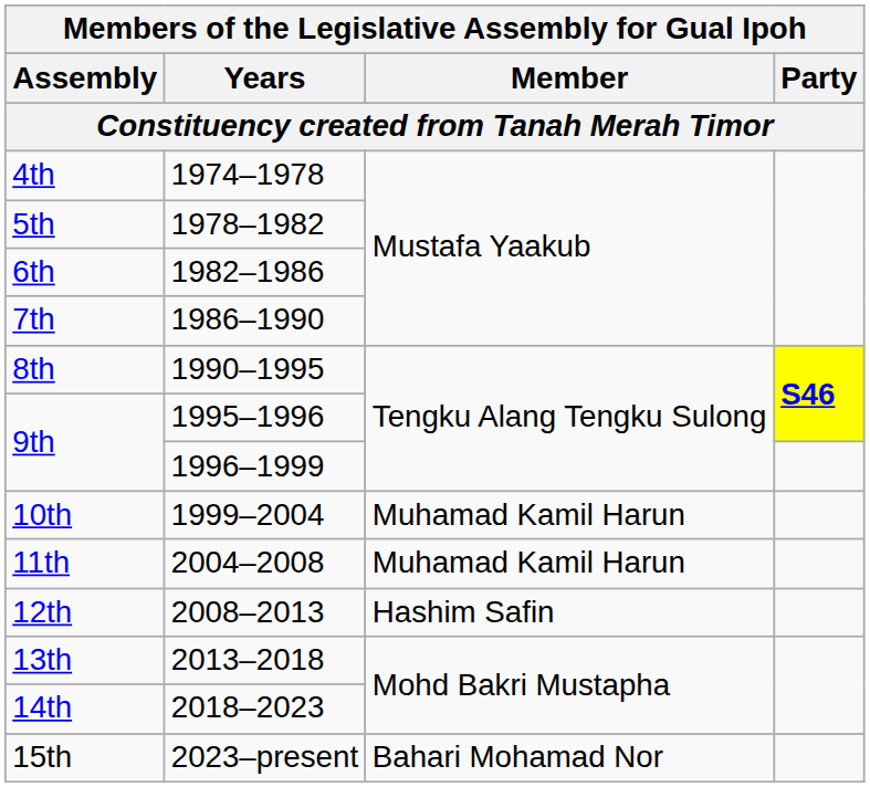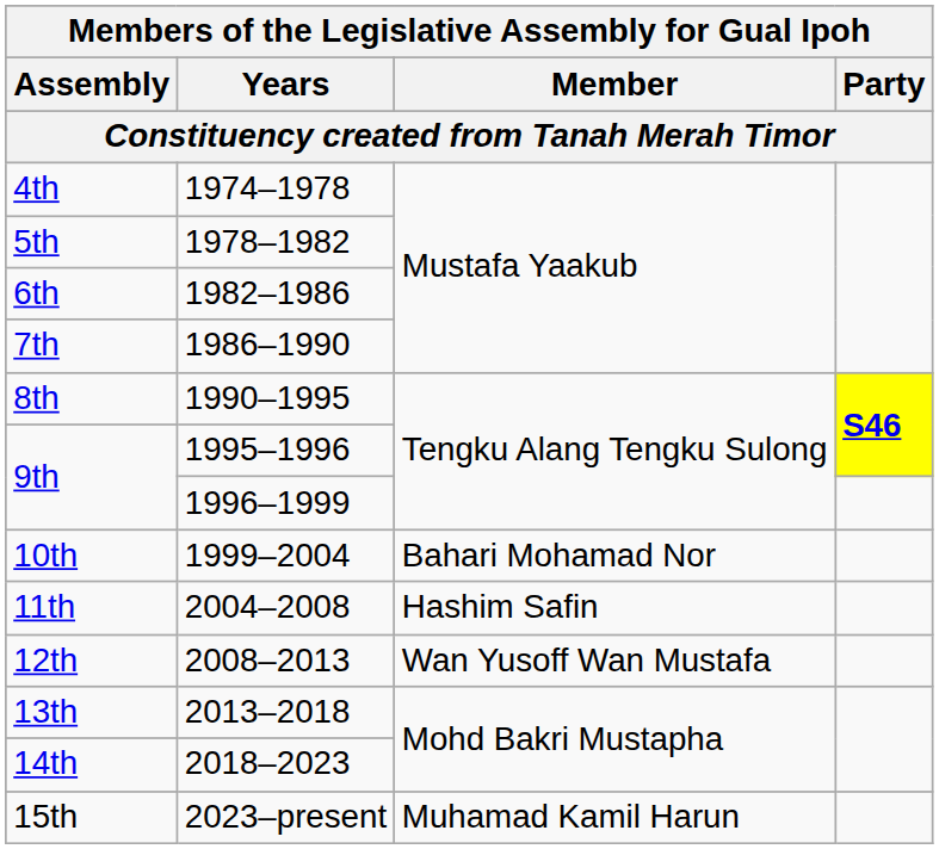 <table class=wikitable>
 <tr>
 <th colspan=4>Members of the Legislative Assembly for Gual Ipoh</th>
 </tr>
 <tr>
 <th>Assembly</th>
 <th>Years</th>
 <th>Member</th>
 <th>Party</th>
 </tr>
 <tr>
 <th colspan=4 align=center><em>Constituency created from Tanah Merah Timor</em></th>
 </tr>
 <tr>
 <td><a href='#'>4th</a></td>
 <td>1974–1978</td>
 <td rowspan=4>Mustafa Yaakub</td>
 <td rowspan=4></td>
 </tr>
 <tr>
 <td><a href='#'>5th</a></td>
 <td>1978–1982</td>
 </tr>
 <tr>
 <td><a href='#'>6th</a></td>
 <td>1982–1986</td>
 </tr>
 <tr>
 <td><a href='#'>7th</a></td>
 <td>1986–1990</td>
 </tr>
 <tr>
 <td><a href='#'>8th</a></td>
 <td>1990–1995</td>
 <td rowspan=3>Tengku Alang Tengku Sulong</td>
 <td rowspan=2 bgcolor="yellow"><strong><a href='#'>S46</a></strong></td>
 </tr>
 <tr>
 <td rowspan=2><a href='#'>9th</a></td>
 <td>1995–1996</td>
 </tr>
 <tr>
 <td>1996–1999</td>
 <td></td>
 </tr>
 <tr>
 <td><a href='#'>10th</a></td>
 <td>1999–2004</td>
-<td>Muhamad Kamil Harun</td>
+<td>Bahari Mohamad Nor</td>
 <td></td>
 </tr>
 <tr>
 <td><a href='#'>11th</a></td>
 <td>2004–2008</td>
-<td>Muhamad Kamil Harun</td>
+<td>Hashim Safin</td>
 <td></td>
 </tr>
 <tr>
 <td><a href='#'>12th</a></td>
 <td>2008–2013</td>
-<td>Hashim Safin</td>
+<td>Wan Yusoff Wan Mustafa</td>
 <td></td>
 </tr>
 <tr>
 <td><a href='#'>13th</a></td>
 <td>2013–2018</td>
 <td rowspan=2>Mohd Bakri Mustapha</td>
 <td rowspan=2></td>
 </tr>
 <tr>
 <td><a href='#'>14th</a></td>
 <td>2018–2023</td>
 </tr>
 <tr>
 <td>15th</td>
 <td>2023–present</td>
-<td>Bahari Mohamad Nor</td>
+<td>Muhamad Kamil Harun</td>
 <td></td>
 </tr>
 </table>
